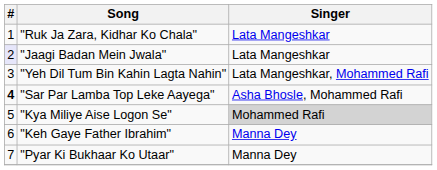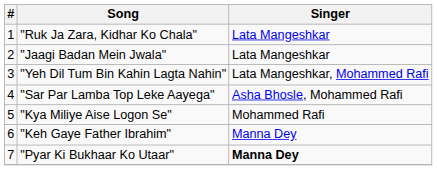 <table class="wikitable">
 <tr>
 <th>#</th>
 <th>Song</th>
 <th>Singer</th>
 </tr>
 <tr>
 <td>1</td>
 <td>"Ruk Ja Zara, Kidhar Ko Chala"</td>
 <td><a href='#'>Lata Mangeshkar</a></td>
 </tr>
 <tr>
-<td style="background: lavender;">2</td>
+<td>2</td>
 <td>"Jaagi Badan Mein Jwala"</td>
 <td>Lata Mangeshkar</td>
 </tr>
 <tr>
 <td>3</td>
 <td>"Yeh Dil Tum Bin Kahin Lagta Nahin"</td>
 <td>Lata Mangeshkar, <a href='#'>Mohammed Rafi</a></td>
 </tr>
 <tr>
-<td><strong>4</strong></td>
+<td>4</td>
 <td>"Sar Par Lamba Top Leke Aayega"</td>
 <td><a href='#'>Asha Bhosle</a>, Mohammed Rafi</td>
 </tr>
 <tr>
 <td>5</td>
 <td>"Kya Miliye Aise Logon Se"</td>
-<td style="background: lightgrey;">Mohammed Rafi</td>
+<td>Mohammed Rafi</td>
 </tr>
 <tr>
 <td>6</td>
 <td>"Keh Gaye Father Ibrahim"</td>
 <td><a href='#'>Manna Dey</a></td>
 </tr>
 <tr>
 <td>7</td>
 <td>"Pyar Ki Bukhaar Ko Utaar"</td>
-<td>Manna Dey</td>
+<td><strong>Manna Dey</strong></td>
 </tr>
 <tr>
 </tr>
 </table>
